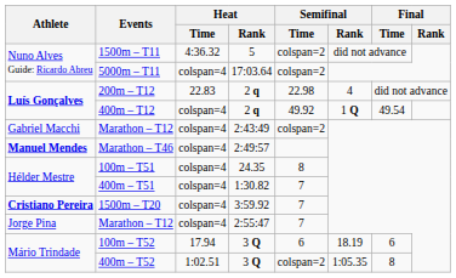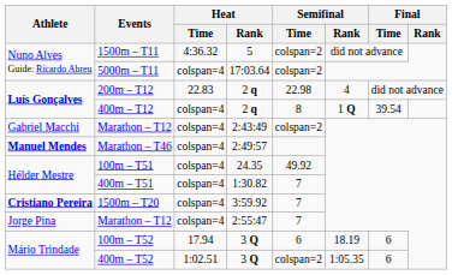 <table class=wikitable style="font-size:90%; text-align:center;">
 <tr>
 <th rowspan=2>Athlete</th>
 <th rowspan=2>Events</th>
 <th colspan=2>Heat</th>
 <th colspan=2>Semifinal</th>
 <th colspan=2>Final</th>
 </tr>
 <tr>
 <th>Time</th>
 <th>Rank</th>
 <th>Time</th>
 <th>Rank</th>
 <th>Time</th>
 <th>Rank</th>
 </tr>
 <tr>
 <td align=left rowspan=2><a href='#'>Nuno Alves</a><br><small>Guide: <a href='#'>Ricardo Abreu</a></small></td>
 <td align=left><a href='#'>1500m – T11</a></td>
 <td>4:36.32</td>
 <td>5</td>
 <td>colspan=2 </td>
 <td colspan=2>did not advance</td>
 </tr>
 <tr>
 <td align=left><a href='#'>5000m – T11</a></td>
 <td>colspan=4 </td>
 <td>17:03.64</td>
 <td>colspan=2 </td>
 </tr>
 <tr>
 <td align=left rowspan=2><strong><a href='#'>Luís Gonçalves</a></strong></td>
 <td align=left><a href='#'>200m – T12</a></td>
 <td>22.83</td>
 <td>2 <strong>q</strong></td>
 <td>22.98</td>
 <td>4</td>
 <td colspan=2>did not advance</td>
 </tr>
 <tr>
 <td align=left><a href='#'>400m – T12</a></td>
 <td>colspan=4 </td>
 <td>2 <strong>q</strong></td>
-<td>49.92</td>
+<td>8</td>
 <td>1 <strong>Q</strong></td>
-<td>49.54</td>
+<td>39.54</td>
 <td></td>
 </tr>
 <tr>
 <td align=left><a href='#'>Gabriel Macchi</a></td>
 <td align=left><a href='#'>Marathon – T12</a></td>
 <td>colspan=4 </td>
 <td>2:43:49</td>
 <td>colspan=2 </td>
 </tr>
 <tr>
 <td align=left><strong><a href='#'>Manuel Mendes</a></strong></td>
 <td align=left><a href='#'>Marathon – T46</a></td>
 <td>colspan=4 </td>
 <td>2:49:57</td>
 <td></td>
 </tr>
 <tr>
 <td align=left rowspan=2><a href='#'>Hélder Mestre</a></td>
 <td align=left><a href='#'>100m – T51</a></td>
 <td>colspan=4 </td>
 <td>24.35</td>
-<td>8</td>
+<td>49.92</td>
 </tr>
 <tr>
 <td align=left><a href='#'>400m – T51</a></td>
 <td>colspan=4 </td>
 <td>1:30.82</td>
 <td>7</td>
 </tr>
 <tr>
 <td align=left><strong><a href='#'>Cristiano Pereira</a></strong></td>
 <td align=left><a href='#'>1500m – T20</a></td>
 <td>colspan=4 </td>
 <td>3:59.92</td>
 <td>7</td>
 </tr>
 <tr>
 <td align=left><a href='#'>Jorge Pina</a></td>
 <td align=left><a href='#'>Marathon – T12</a></td>
 <td>colspan=4 </td>
 <td>2:55:47</td>
 <td>7</td>
 </tr>
 <tr>
 <td align=left rowspan=2><a href='#'>Mário Trindade</a></td>
 <td align=left><a href='#'>100m – T52</a></td>
 <td>17.94</td>
 <td>3 <strong>Q</strong></td>
 <td>6</td>
 <td>18.19</td>
 <td>6</td>
 </tr>
 <tr>
 <td align=left><a href='#'>400m – T52</a></td>
 <td>1:02.51</td>
 <td>3 <strong>Q</strong></td>
 <td>colspan=2 </td>
 <td>1:05.35</td>
-<td>8</td>
+<td>6</td>
 </tr>
 </table>
